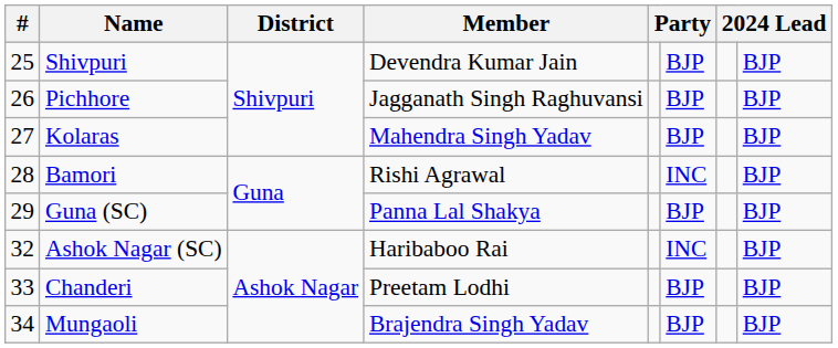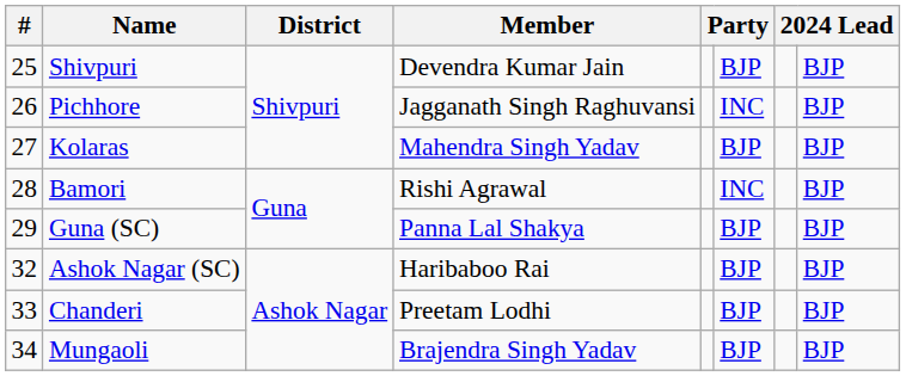 <table class="wikitable">
 <tr>
 <th>#</th>
 <th>Name</th>
 <th>District</th>
 <th>Member</th>
 <th colspan="2">Party</th>
 <th colspan="2">2024 Lead</th>
 </tr>
 <tr>
 <td>25</td>
 <td><a href='#'>Shivpuri</a></td>
 <td rowspan="3"><a href='#'>Shivpuri</a></td>
 <td>Devendra Kumar Jain</td>
 <td style="background-color: "></td>
 <td><a href='#'>BJP</a></td>
 <td style="background-color: "></td>
 <td><a href='#'>BJP</a></td>
 </tr>
 <tr>
 <td>26</td>
 <td><a href='#'>Pichhore</a></td>
 <td>Jagganath Singh Raghuvansi</td>
 <td style="background-color: "></td>
-<td><a href='#'>BJP</a></td>
+<td><a href='#'>INC</a></td>
 <td style="background-color: "></td>
 <td><a href='#'>BJP</a></td>
 </tr>
 <tr>
 <td>27</td>
 <td><a href='#'>Kolaras</a></td>
 <td><a href='#'>Mahendra Singh Yadav</a></td>
 <td style="background-color: "></td>
 <td><a href='#'>BJP</a></td>
 <td style="background-color: "></td>
 <td><a href='#'>BJP</a></td>
 </tr>
 <tr>
 <td>28</td>
 <td><a href='#'>Bamori</a></td>
 <td rowspan="2"><a href='#'>Guna</a></td>
 <td>Rishi Agrawal</td>
 <td style="background-color: "></td>
 <td><a href='#'>INC</a></td>
 <td style="background-color: "></td>
 <td><a href='#'>BJP</a></td>
 </tr>
 <tr>
 <td>29</td>
 <td><a href='#'>Guna</a> (SC)</td>
 <td><a href='#'>Panna Lal Shakya</a></td>
 <td style="background-color: "></td>
 <td><a href='#'>BJP</a></td>
 <td style="background-color: "></td>
 <td><a href='#'>BJP</a></td>
 </tr>
 <tr>
 <td>32</td>
 <td><a href='#'>Ashok Nagar</a> (SC)</td>
 <td rowspan="3"><a href='#'>Ashok Nagar</a></td>
 <td>Haribaboo Rai</td>
 <td style="background-color: "></td>
-<td><a href='#'>INC</a></td>
+<td><a href='#'>BJP</a></td>
 <td style="background-color: "></td>
 <td><a href='#'>BJP</a></td>
 </tr>
 <tr>
 <td>33</td>
 <td><a href='#'>Chanderi</a></td>
 <td>Preetam Lodhi</td>
 <td style="background-color: "></td>
 <td><a href='#'>BJP</a></td>
 <td style="background-color: "></td>
 <td><a href='#'>BJP</a></td>
 </tr>
 <tr>
 <td>34</td>
 <td><a href='#'>Mungaoli</a></td>
 <td><a href='#'>Brajendra Singh Yadav</a></td>
 <td style="background-color: "></td>
 <td><a href='#'>BJP</a></td>
 <td style="background-color: "></td>
 <td><a href='#'>BJP</a></td>
 </tr>
 </table>
